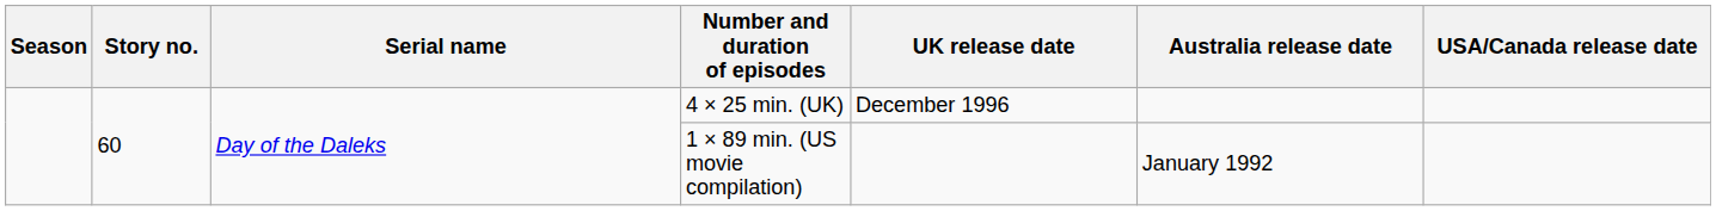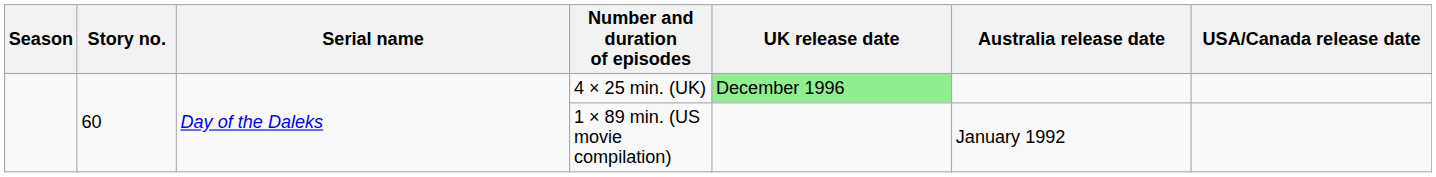 <table class="wikitable sortable" style="width:100%;">
 <tr>
 <th style="width:4%;">Season</th>
 <th style="width:7%;">Story no.</th>
 <th style="width:28%;">Serial name</th>
 <th style="width:10%;">Number and duration<br>of episodes</th>
 <th style="width:17%;">UK release date</th>
 <th style="width:17%;">Australia  release date</th>
 <th style="width:17%;">USA/Canada release date</th>
 </tr>
 <tr>
 <td rowspan="2"></td>
 <td rowspan=2>60</td>
 <td rowspan=2><em><a href='#'>Day of the Daleks</a></em></td>
 <td>4 × 25 min. (UK)</td>
-<td data-sort-value="1996-12">December 1996</td>
+<td data-sort-value="1996-12" style="background: lightgreen;">December 1996</td>
 <td></td>
 <td></td>
 </tr>
 <tr>
 <td>1 × 89 min. (US movie compilation)</td>
 <td></td>
 <td data-sort-value="1992-01">January 1992</td>
 <td></td>
 </tr>
 </table>
